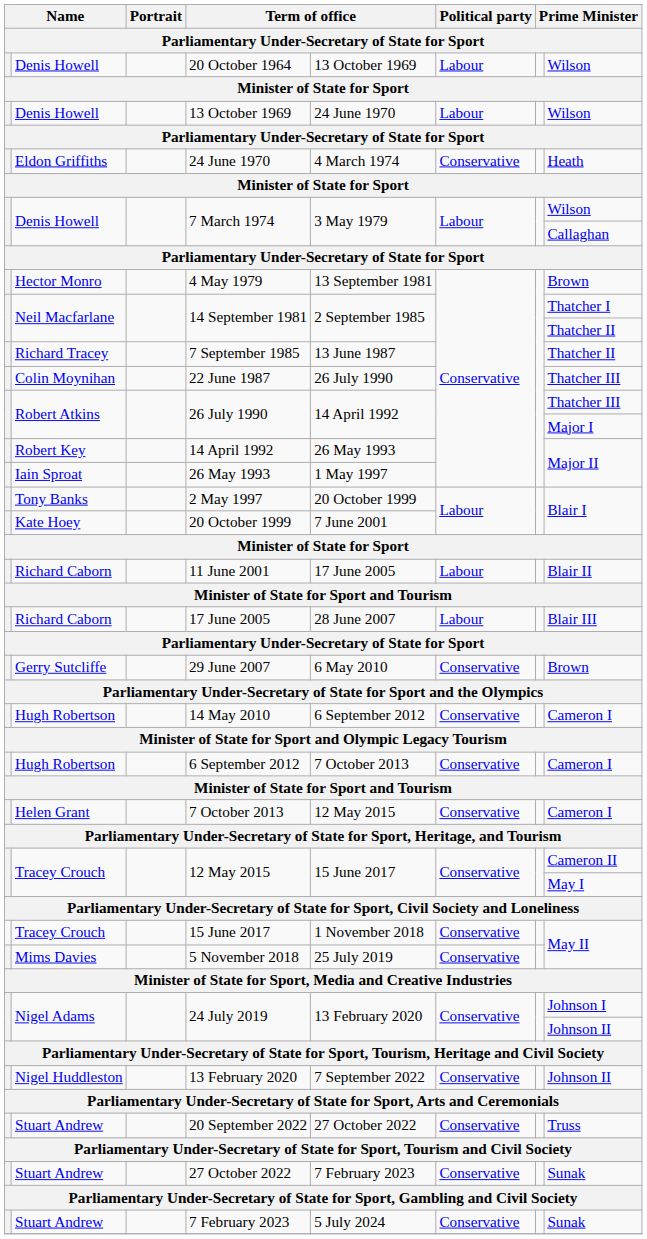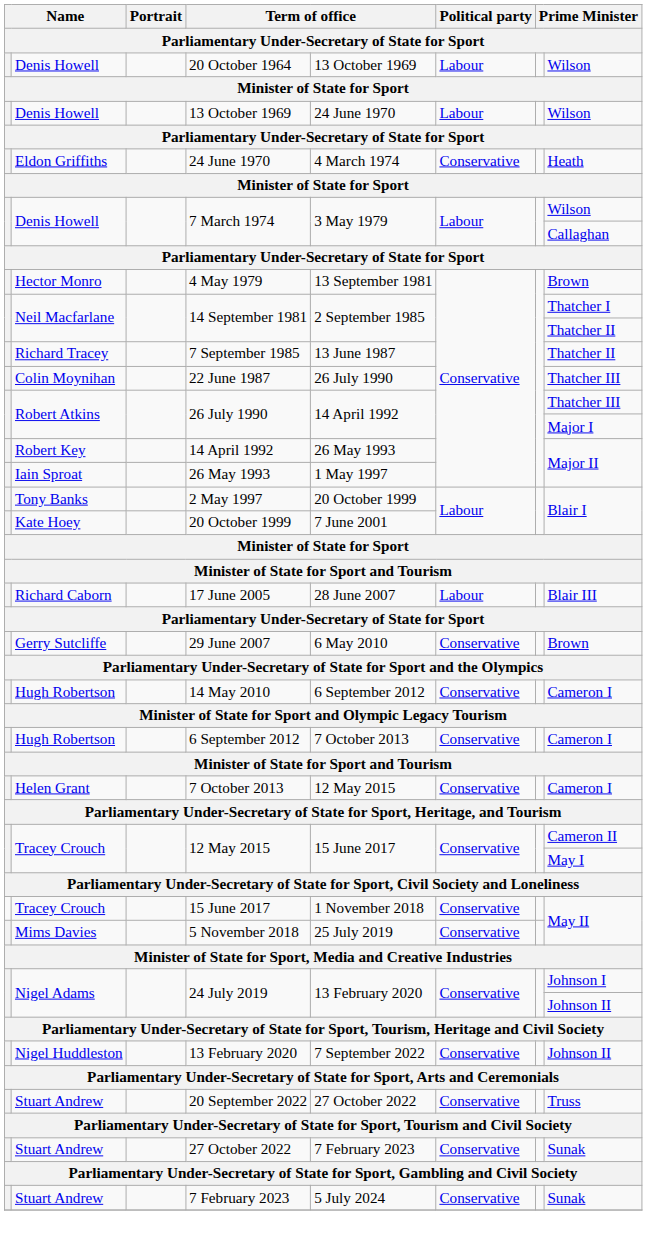 <table class="wikitable" style="text-align:left">
 <tr>
 <th colspan=2>Name</th>
 <th>Portrait</th>
 <th colspan=2>Term of office</th>
 <th>Political party</th>
 <th colspan=2>Prime Minister</th>
 </tr>
 <tr>
 <th colspan=8>Parliamentary Under-Secretary of State for Sport</th>
 </tr>
 <tr>
 <th style="background-color: "></th>
 <td><a href='#'>Denis Howell</a></td>
 <td></td>
 <td>20 October 1964</td>
 <td>13 October 1969</td>
 <td><a href='#'>Labour</a></td>
 <td style="background-color: "></td>
 <td><a href='#'>Wilson</a></td>
 </tr>
 <tr>
 <th colspan=8>Minister of State for Sport</th>
 </tr>
 <tr>
 <th style="background-color: "></th>
 <td><a href='#'>Denis Howell</a></td>
 <td></td>
 <td>13 October 1969</td>
 <td>24 June 1970</td>
 <td><a href='#'>Labour</a></td>
 <td style="background-color: "></td>
 <td><a href='#'>Wilson</a></td>
 </tr>
 <tr>
 <th colspan=8>Parliamentary Under-Secretary of State for Sport</th>
 </tr>
 <tr>
 <th style="background-color: "></th>
 <td><a href='#'>Eldon Griffiths</a></td>
 <td></td>
 <td>24 June 1970</td>
 <td>4 March 1974</td>
 <td><a href='#'>Conservative</a></td>
 <td style="background-color: "></td>
 <td><a href='#'>Heath</a></td>
 </tr>
 <tr>
 <th colspan=8>Minister of State for Sport</th>
 </tr>
 <tr>
 <th rowspan=2 style="background-color: "></th>
 <td rowspan=2><a href='#'>Denis Howell</a></td>
 <td rowspan=2></td>
 <td rowspan=2>7 March 1974</td>
 <td rowspan=2>3 May 1979</td>
 <td rowspan=2><a href='#'>Labour</a></td>
 <td rowspan=2 style="background-color: "></td>
 <td><a href='#'>Wilson</a></td>
 </tr>
 <tr>
 <td><a href='#'>Callaghan</a></td>
 </tr>
 <tr>
 <th colspan=8>Parliamentary Under-Secretary of State for Sport</th>
 </tr>
 <tr>
 <th style="background-color: "></th>
 <td><a href='#'>Hector Monro</a></td>
 <td></td>
 <td>4 May 1979</td>
 <td>13 September 1981</td>
 <td rowspan=9><a href='#'>Conservative</a></td>
 <td rowspan=9 style="background-color: "></td>
 <td><a href='#'>Brown</a></td>
 </tr>
 <tr>
 <th rowspan=2 style="background-color: "></th>
 <td rowspan=2><a href='#'>Neil Macfarlane</a></td>
 <td rowspan=2></td>
 <td rowspan=2>14 September 1981</td>
 <td rowspan=2>2 September 1985</td>
 <td><a href='#'>Thatcher I</a></td>
 </tr>
 <tr>
 <td><a href='#'>Thatcher II</a></td>
 </tr>
 <tr>
 <th style="background-color: "></th>
 <td><a href='#'>Richard Tracey</a></td>
 <td></td>
 <td>7 September 1985</td>
 <td>13 June 1987</td>
 <td><a href='#'>Thatcher II</a></td>
 </tr>
 <tr>
 <th style="background-color: "></th>
 <td><a href='#'>Colin Moynihan</a></td>
 <td></td>
 <td>22 June 1987</td>
 <td>26 July 1990</td>
 <td><a href='#'>Thatcher III</a></td>
 </tr>
 <tr>
 <th rowspan=2 style="background-color: "></th>
 <td rowspan=2><a href='#'>Robert Atkins</a></td>
 <td rowspan=2></td>
 <td rowspan=2>26 July 1990</td>
 <td rowspan=2>14 April 1992</td>
 <td><a href='#'>Thatcher III</a></td>
 </tr>
 <tr>
 <td><a href='#'>Major I</a></td>
 </tr>
 <tr>
 <th style="background-color: "></th>
 <td><a href='#'>Robert Key</a></td>
 <td></td>
 <td>14 April 1992</td>
 <td>26 May 1993</td>
 <td rowspan=2><a href='#'>Major II</a></td>
 </tr>
 <tr>
 <th style="background-color: "></th>
 <td><a href='#'>Iain Sproat</a></td>
 <td></td>
 <td>26 May 1993</td>
 <td>1 May 1997</td>
 </tr>
 <tr>
 <th style="background-color: "></th>
 <td><a href='#'>Tony Banks</a></td>
 <td></td>
 <td>2 May 1997</td>
 <td>20 October 1999</td>
 <td rowspan=2><a href='#'>Labour</a></td>
 <td rowspan=2 style="background-color: "></td>
 <td rowspan=2><a href='#'>Blair I</a></td>
 </tr>
 <tr>
 <th style="background-color: "></th>
 <td><a href='#'>Kate Hoey</a></td>
 <td></td>
 <td>20 October 1999</td>
 <td>7 June 2001</td>
 </tr>
 <tr>
 <th colspan=8>Minister of State for Sport</th>
-</tr>
-<tr>
-<th style="background-color: "></th>
-<td><a href='#'>Richard Caborn</a></td>
-<td></td>
-<td>11 June 2001</td>
-<td>17 June 2005</td>
-<td><a href='#'>Labour</a></td>
-<td style="background-color: "></td>
-<td><a href='#'>Blair II</a></td>
 </tr>
 <tr>
 <th colspan=8>Minister of State for Sport and Tourism</th>
 </tr>
 <tr>
 <th style="background-color: "></th>
 <td><a href='#'>Richard Caborn</a></td>
 <td></td>
 <td>17 June 2005</td>
 <td>28 June 2007</td>
 <td><a href='#'>Labour</a></td>
 <td style="background-color: "></td>
 <td><a href='#'>Blair III</a></td>
 </tr>
 <tr>
 <th colspan=8>Parliamentary Under-Secretary of State for Sport</th>
 </tr>
 <tr>
 <th style="background-color: "></th>
 <td><a href='#'>Gerry Sutcliffe</a></td>
 <td></td>
 <td>29 June 2007</td>
 <td>6 May 2010</td>
 <td><a href='#'>Conservative</a></td>
 <td style="background-color: "></td>
 <td><a href='#'>Brown</a></td>
 </tr>
 <tr>
 <th colspan=8>Parliamentary Under-Secretary of State for Sport and the Olympics</th>
 </tr>
 <tr>
 <th style="background-color: "></th>
 <td><a href='#'>Hugh Robertson</a></td>
 <td></td>
 <td>14 May 2010</td>
 <td>6 September 2012</td>
 <td><a href='#'>Conservative</a></td>
 <td style="background-color: "></td>
 <td><a href='#'>Cameron I</a></td>
 </tr>
 <tr>
 <th colspan=8>Minister of State for Sport and Olympic Legacy Tourism</th>
 </tr>
 <tr>
 <th style="background-color: "></th>
 <td><a href='#'>Hugh Robertson</a></td>
 <td></td>
 <td>6 September 2012</td>
 <td>7 October 2013</td>
 <td><a href='#'>Conservative</a></td>
 <td style="background-color: "></td>
 <td><a href='#'>Cameron I</a></td>
 </tr>
 <tr>
 <th colspan=8>Minister of State for Sport and Tourism</th>
 </tr>
 <tr>
 <th style="background-color: "></th>
 <td><a href='#'>Helen Grant</a></td>
 <td></td>
 <td>7 October 2013</td>
 <td>12 May 2015</td>
 <td><a href='#'>Conservative</a></td>
 <td style="background-color: "></td>
 <td><a href='#'>Cameron I</a></td>
 </tr>
 <tr>
 <th colspan=8>Parliamentary Under-Secretary of State for Sport, Heritage, and Tourism</th>
 </tr>
 <tr>
 <th rowspan=2 style="background-color: "></th>
 <td rowspan=2><a href='#'>Tracey Crouch</a></td>
 <td rowspan=2></td>
 <td rowspan=2>12 May 2015</td>
 <td rowspan=2>15 June 2017</td>
 <td rowspan=2><a href='#'>Conservative</a></td>
 <td rowspan=2 style="background-color: "></td>
 <td><a href='#'>Cameron II</a></td>
 </tr>
 <tr>
 <td><a href='#'>May I</a></td>
 </tr>
 <tr>
 <th colspan=8>Parliamentary Under-Secretary of State for Sport, Civil Society and Loneliness</th>
 </tr>
 <tr>
 <td style="background-color: "></td>
 <td><a href='#'>Tracey Crouch</a></td>
 <td></td>
 <td>15 June 2017</td>
 <td>1 November 2018</td>
 <td><a href='#'>Conservative</a></td>
 <td style="background-color: "></td>
 <td rowspan=2><a href='#'>May II</a></td>
 </tr>
 <tr>
 <th style="background-color: "></th>
 <td><a href='#'>Mims Davies</a></td>
 <td></td>
 <td>5 November 2018</td>
 <td>25 July 2019</td>
 <td><a href='#'>Conservative</a></td>
 <td style="background-color: "></td>
 </tr>
 <tr>
 <th colspan=8>Minister of State for Sport, Media and Creative Industries</th>
 </tr>
 <tr>
 <th rowspan=2 style="background-color: "></th>
 <td rowspan=2><a href='#'>Nigel Adams</a></td>
 <td rowspan=2></td>
 <td rowspan=2>24 July 2019</td>
 <td rowspan=2>13 February 2020</td>
 <td rowspan=2><a href='#'>Conservative</a></td>
 <td rowspan=2 style="background-color: "></td>
 <td><a href='#'>Johnson I</a></td>
 </tr>
 <tr>
 <td><a href='#'>Johnson II</a></td>
 </tr>
 <tr>
 <th colspan=8>Parliamentary Under-Secretary of State for Sport, Tourism, Heritage and Civil Society</th>
 </tr>
 <tr>
 <th style="background-color: "></th>
 <td><a href='#'>Nigel Huddleston</a></td>
 <td></td>
 <td>13 February 2020</td>
 <td>7 September 2022</td>
 <td><a href='#'>Conservative</a></td>
 <td style="background-color: "></td>
 <td><a href='#'>Johnson II</a></td>
 </tr>
 <tr>
 <th colspan=8>Parliamentary Under-Secretary of State for Sport, Arts and Ceremonials</th>
 </tr>
 <tr>
 <th style="background-color: "></th>
 <td><a href='#'>Stuart Andrew</a></td>
 <td></td>
 <td>20 September 2022</td>
 <td>27 October 2022</td>
 <td><a href='#'>Conservative</a></td>
 <td style="background-color: "></td>
 <td><a href='#'>Truss</a></td>
 </tr>
 <tr>
 <th colspan=8>Parliamentary Under-Secretary of State for Sport, Tourism and Civil Society</th>
 </tr>
 <tr>
 <th style="background-color: "></th>
 <td><a href='#'>Stuart Andrew</a></td>
 <td></td>
 <td>27 October 2022</td>
 <td>7 February 2023</td>
 <td><a href='#'>Conservative</a></td>
 <td style="background-color: "></td>
 <td><a href='#'>Sunak</a></td>
 </tr>
 <tr>
 <th colspan=8>Parliamentary Under-Secretary of State for Sport, Gambling and Civil Society</th>
 </tr>
 <tr>
 <th style="background-color: "></th>
 <td><a href='#'>Stuart Andrew</a></td>
 <td></td>
 <td>7 February 2023</td>
 <td>5 July 2024</td>
 <td><a href='#'>Conservative</a></td>
 <td style="background-color: "></td>
 <td><a href='#'>Sunak</a></td>
 </tr>
 <tr>
 </tr>
 </table>
